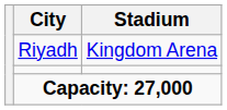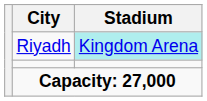 <table class="wikitable" style="text-align:center;margin:1em auto;">
 <tr>
 <th rowspan="4"></th>
 <th>City</th>
 <th>Stadium</th>
 </tr>
 <tr>
 <td><a href='#'>Riyadh</a></td>
-<td><a href='#'>Kingdom Arena</a></td>
+<td style="background: paleturquoise;"><a href='#'>Kingdom Arena</a></td>
 </tr>
 <tr>
 <td></td>
 <td></td>
 </tr>
 <tr>
 <td colspan="2"><strong>Capacity: 27,000</strong></td>
 </tr>
 </table>
